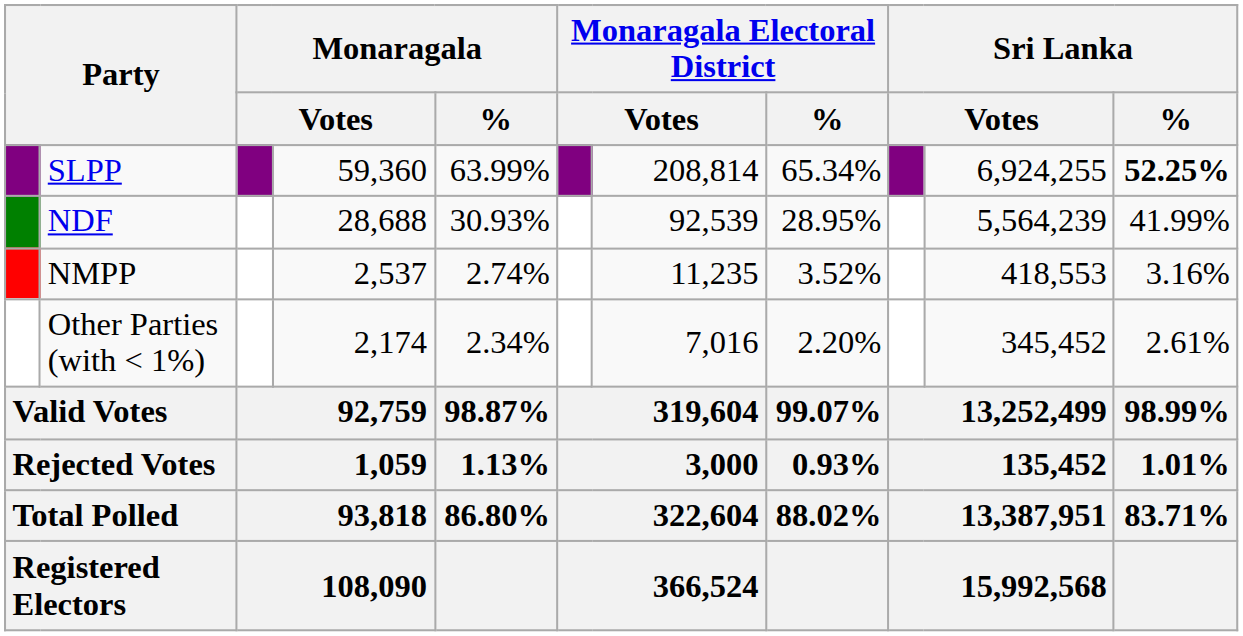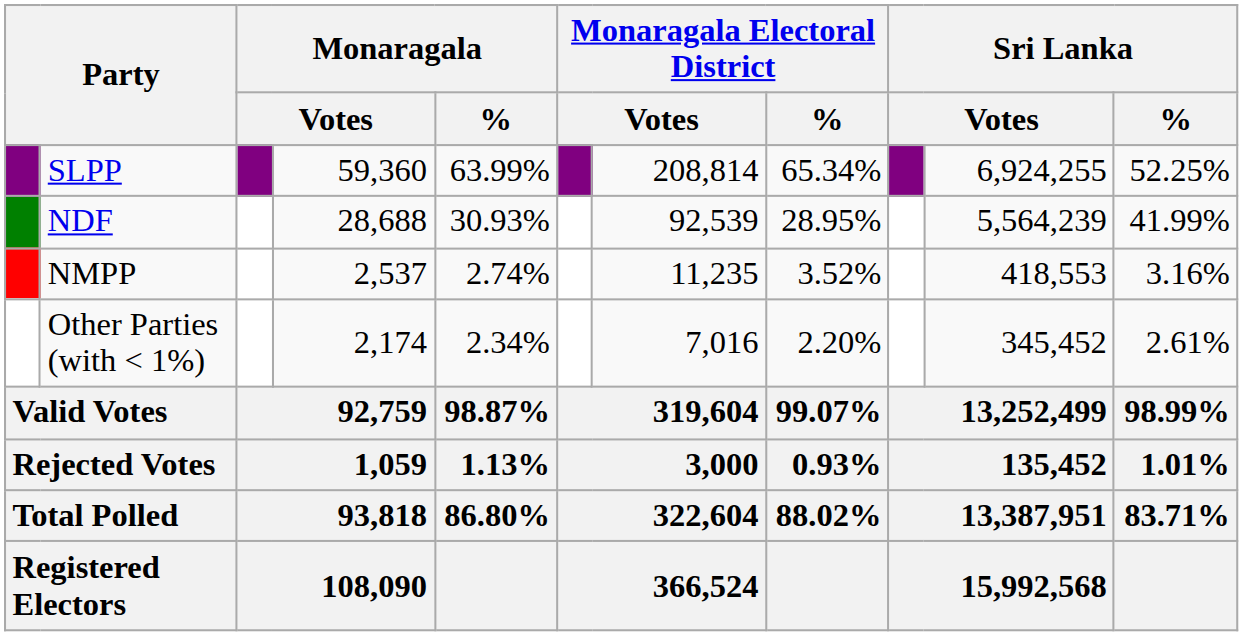 <table class="wikitable">
 <tr>
 <th colspan="2" width="144px"rowspan="2">Party</th>
 <th colspan="3" width="216px">Monaragala</th>
 <th colspan="3" width="216px"><a href='#'>Monaragala Electoral District</a></th>
 <th colspan="3" width="216px">Sri Lanka</th>
 </tr>
 <tr>
 <th colspan="2" width="144px">Votes</th>
 <th>%</th>
 <th colspan="2" width="144px">Votes</th>
 <th>%</th>
 <th colspan="2" width="144px">Votes</th>
 <th>%</th>
 </tr>
 <tr>
 <td style="background-color:purple;" width="10px"></td>
 <td style="text-align:left;"><a href='#'>SLPP</a></td>
 <td style="background-color:purple;" width="10px"></td>
 <td style="text-align:right;">59,360</td>
 <td style="text-align:right;">63.99%</td>
 <td style="background-color:purple;" width="10px"></td>
 <td style="text-align:right;">208,814</td>
 <td style="text-align:right;">65.34%</td>
 <td style="background-color:purple;" width="10px"></td>
 <td style="text-align:right;">6,924,255</td>
-<td style="text-align:right;"><strong>52.25%</strong></td>
+<td style="text-align:right;">52.25%</td>
 </tr>
 <tr>
 <td style="background-color:green;" width="10px"></td>
 <td style="text-align:left;"><a href='#'>NDF</a></td>
 <td style="background-color:white;" width="10px"></td>
 <td style="text-align:right;">28,688</td>
 <td style="text-align:right;">30.93%</td>
 <td style="background-color:white;" width="10px"></td>
 <td style="text-align:right;">92,539</td>
 <td style="text-align:right;">28.95%</td>
 <td style="background-color:white;" width="10px"></td>
 <td style="text-align:right;">5,564,239</td>
 <td style="text-align:right;">41.99%</td>
 </tr>
 <tr>
 <td style="background-color:red;" width="10px"></td>
 <td style="text-align:left;">NMPP</td>
 <td style="background-color:white;" width="10px"></td>
 <td style="text-align:right;">2,537</td>
 <td style="text-align:right;">2.74%</td>
 <td style="background-color:white;" width="10px"></td>
 <td style="text-align:right;">11,235</td>
 <td style="text-align:right;">3.52%</td>
 <td style="background-color:white;" width="10px"></td>
 <td style="text-align:right;">418,553</td>
 <td style="text-align:right;">3.16%</td>
 </tr>
 <tr>
 <td style="background-color:white;" width="10px"></td>
 <td style="text-align:left;">Other Parties (with < 1%)</td>
 <td style="background-color:white;" width="10px"></td>
 <td style="text-align:right;">2,174</td>
 <td style="text-align:right;">2.34%</td>
 <td style="background-color:white;" width="10px"></td>
 <td style="text-align:right;">7,016</td>
 <td style="text-align:right;">2.20%</td>
 <td style="background-color:white;" width="10px"></td>
 <td style="text-align:right;">345,452</td>
 <td style="text-align:right;">2.61%</td>
 </tr>
 <tr>
 <th colspan="2" width="144px"style="text-align:left;">Valid Votes</th>
 <th style="text-align:right;"colspan="2" width="144px">92,759</th>
 <th style="text-align:right;">98.87%</th>
 <th style="text-align:right;"colspan="2" width="144px">319,604</th>
 <th style="text-align:right;">99.07%</th>
 <th style="text-align:right;"colspan="2" width="144px">13,252,499</th>
 <th style="text-align:right;">98.99%</th>
 </tr>
 <tr>
 <th colspan="2" width="144px"style="text-align:left;">Rejected Votes</th>
 <th style="text-align:right;"colspan="2" width="144px">1,059</th>
 <th style="text-align:right;">1.13%</th>
 <th style="text-align:right;"colspan="2" width="144px">3,000</th>
 <th style="text-align:right;">0.93%</th>
 <th style="text-align:right;"colspan="2" width="144px">135,452</th>
 <th style="text-align:right;">1.01%</th>
 </tr>
 <tr>
 <th colspan="2" width="144px"style="text-align:left;">Total Polled</th>
 <th style="text-align:right;"colspan="2" width="144px">93,818</th>
 <th style="text-align:right;">86.80%</th>
 <th style="text-align:right;"colspan="2" width="144px">322,604</th>
 <th style="text-align:right;">88.02%</th>
 <th style="text-align:right;"colspan="2" width="144px">13,387,951</th>
 <th style="text-align:right;">83.71%</th>
 </tr>
 <tr>
 <th colspan="2" width="144px"style="text-align:left;">Registered Electors</th>
 <th style="text-align:right;"colspan="2" width="144px">108,090</th>
 <th></th>
 <th style="text-align:right;"colspan="2" width="144px">366,524</th>
 <th></th>
 <th style="text-align:right;"colspan="2" width="144px">15,992,568</th>
 <th></th>
 </tr>
 </table>
